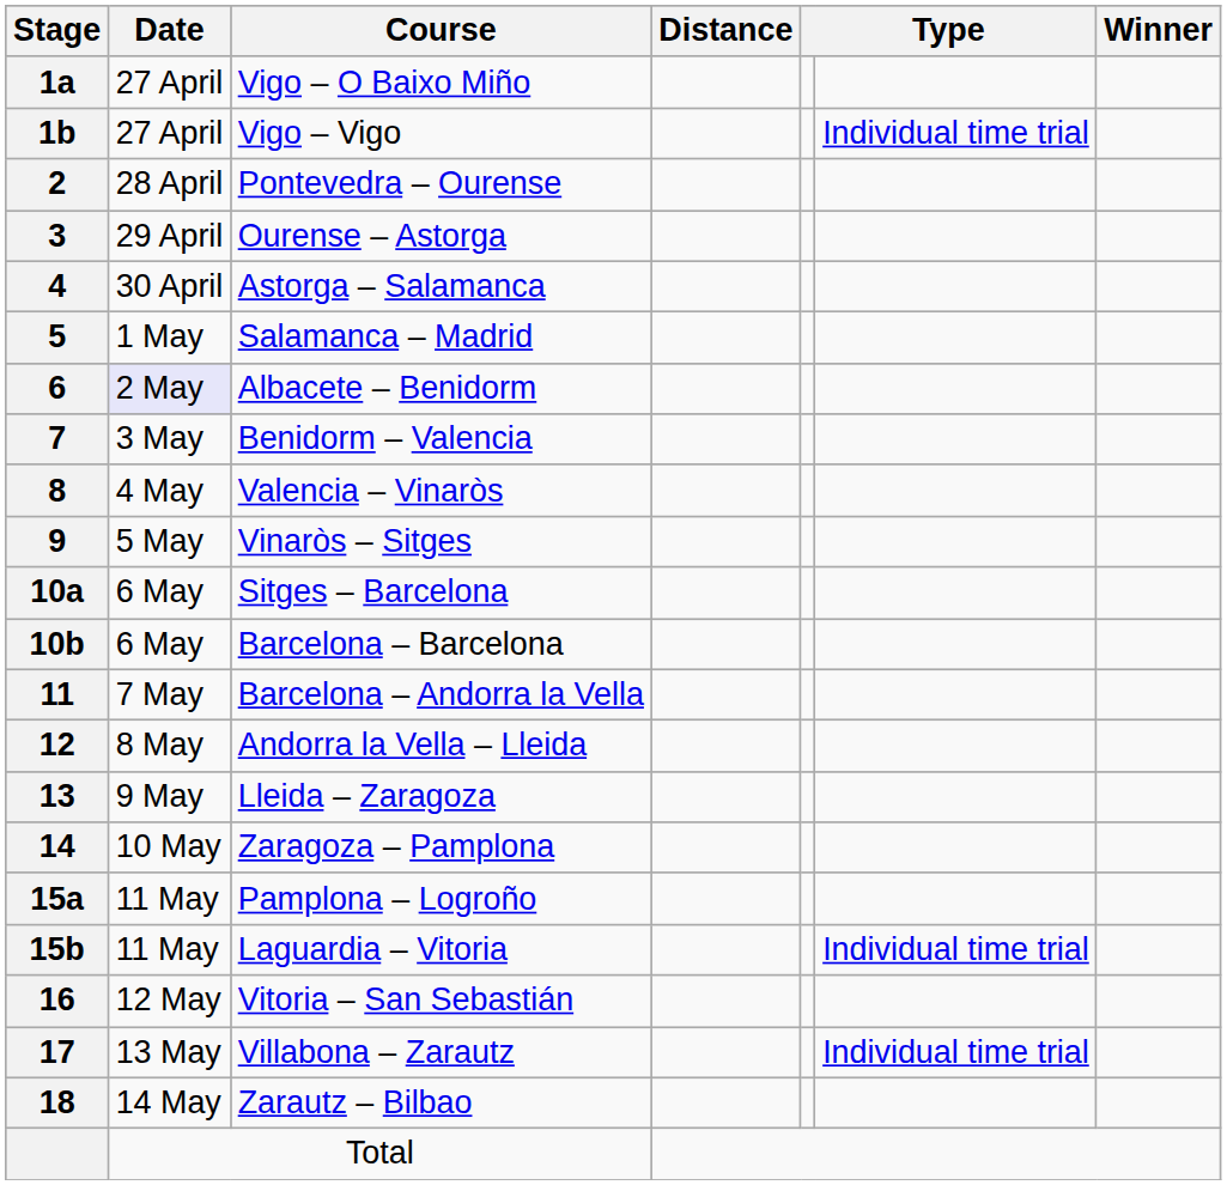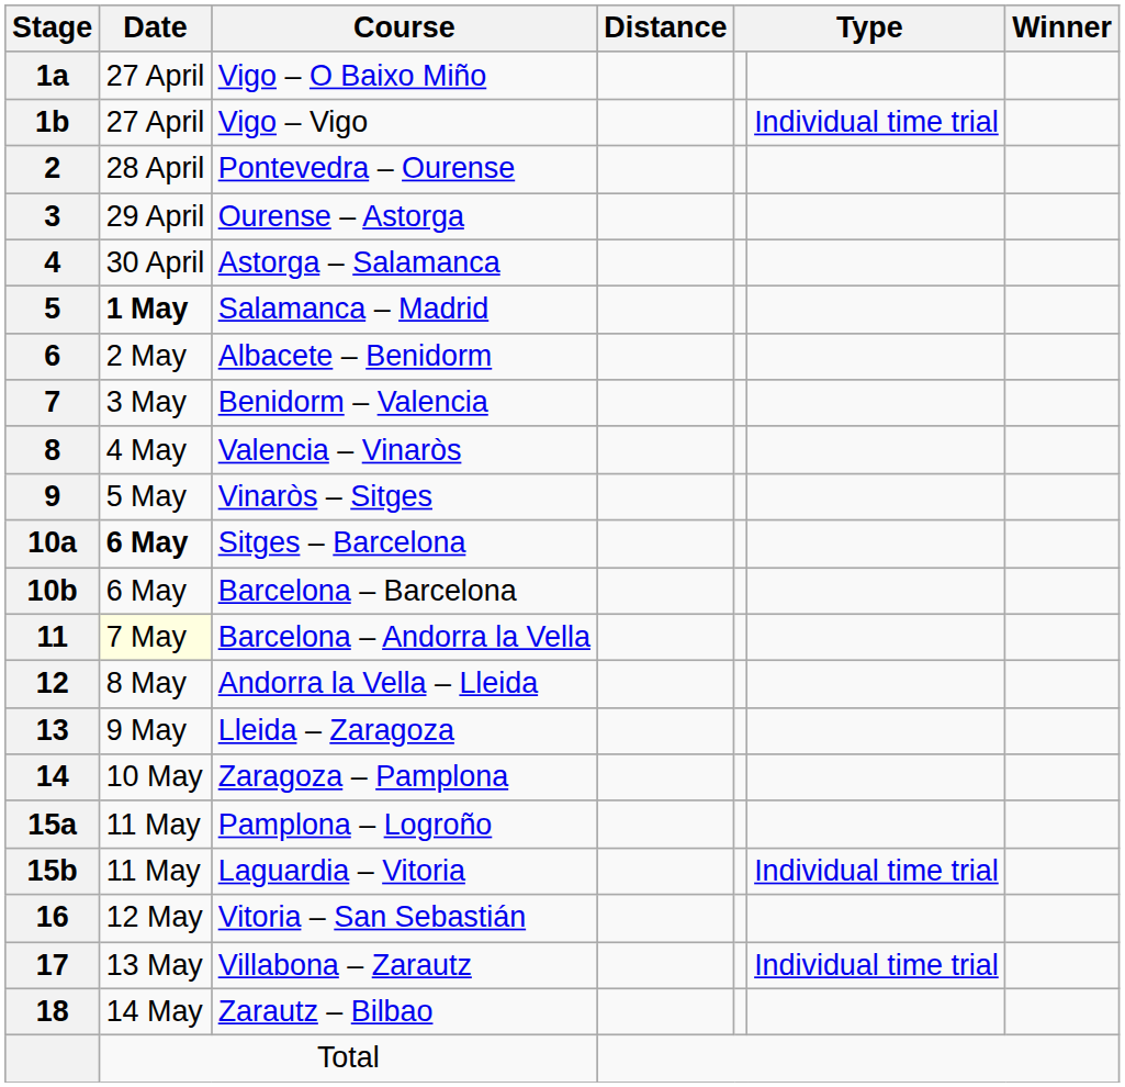 <table class="wikitable">
 <tr>
 <th scope="col">Stage</th>
 <th scope="col">Date</th>
 <th scope="col">Course</th>
 <th scope="col">Distance</th>
 <th scope="col" colspan="2">Type</th>
 <th scope="col">Winner</th>
 </tr>
 <tr>
 <th scope="row">1a</th>
 <td>27 April</td>
 <td><a href='#'>Vigo</a> – <a href='#'>O Baixo Miño</a></td>
 <td style="text-align:center;"></td>
 <td></td>
 <td></td>
 <td></td>
 </tr>
 <tr>
 <th scope="row">1b</th>
 <td>27 April</td>
 <td><a href='#'>Vigo</a> – Vigo</td>
 <td style="text-align:center;"></td>
 <td></td>
 <td><a href='#'>Individual time trial</a></td>
 <td></td>
 </tr>
 <tr>
 <th scope="row">2</th>
 <td>28 April</td>
 <td><a href='#'>Pontevedra</a> – <a href='#'>Ourense</a></td>
 <td style="text-align:center;"></td>
 <td></td>
 <td></td>
 <td></td>
 </tr>
 <tr>
 <th scope="row">3</th>
 <td>29 April</td>
 <td><a href='#'>Ourense</a> – <a href='#'>Astorga</a></td>
 <td style="text-align:center;"></td>
 <td></td>
 <td></td>
 <td></td>
 </tr>
 <tr>
 <th scope="row">4</th>
 <td>30 April</td>
 <td><a href='#'>Astorga</a> – <a href='#'>Salamanca</a></td>
 <td style="text-align:center;"></td>
 <td></td>
 <td></td>
 <td></td>
 </tr>
 <tr>
 <th scope="row">5</th>
-<td>1 May</td>
+<td><strong>1 May</strong></td>
 <td><a href='#'>Salamanca</a> – <a href='#'>Madrid</a></td>
 <td style="text-align:center;"></td>
 <td></td>
 <td></td>
 <td></td>
 </tr>
 <tr>
 <th scope="row">6</th>
-<td style="background: lavender;">2 May</td>
+<td>2 May</td>
 <td><a href='#'>Albacete</a> – <a href='#'>Benidorm</a></td>
 <td style="text-align:center;"></td>
 <td></td>
 <td></td>
 <td></td>
 </tr>
 <tr>
 <th scope="row">7</th>
 <td>3 May</td>
 <td><a href='#'>Benidorm</a> – <a href='#'>Valencia</a></td>
 <td style="text-align:center;"></td>
 <td></td>
 <td></td>
 <td></td>
 </tr>
 <tr>
 <th scope="row">8</th>
 <td>4 May</td>
 <td><a href='#'>Valencia</a> – <a href='#'>Vinaròs</a></td>
 <td style="text-align:center;"></td>
 <td></td>
 <td></td>
 <td></td>
 </tr>
 <tr>
 <th scope="row">9</th>
 <td>5 May</td>
 <td><a href='#'>Vinaròs</a> – <a href='#'>Sitges</a></td>
 <td style="text-align:center;"></td>
 <td></td>
 <td></td>
 <td></td>
 </tr>
 <tr>
 <th scope="row">10a</th>
-<td>6 May</td>
+<td><strong>6 May</strong></td>
 <td><a href='#'>Sitges</a> – <a href='#'>Barcelona</a></td>
 <td style="text-align:center;"></td>
 <td></td>
 <td></td>
 <td></td>
 </tr>
 <tr>
 <th scope="row">10b</th>
 <td>6 May</td>
 <td><a href='#'>Barcelona</a> – Barcelona</td>
 <td style="text-align:center;"></td>
 <td></td>
 <td></td>
 <td></td>
 </tr>
 <tr>
 <th scope="row">11</th>
-<td>7 May</td>
+<td style="background: lightyellow;">7 May</td>
 <td><a href='#'>Barcelona</a> – <a href='#'>Andorra la Vella</a></td>
 <td style="text-align:center;"></td>
 <td></td>
 <td></td>
 <td></td>
 </tr>
 <tr>
 <th scope="row">12</th>
 <td>8 May</td>
 <td><a href='#'>Andorra la Vella</a> – <a href='#'>Lleida</a></td>
 <td style="text-align:center;"></td>
 <td></td>
 <td></td>
 <td></td>
 </tr>
 <tr>
 <th scope="row">13</th>
 <td>9 May</td>
 <td><a href='#'>Lleida</a> – <a href='#'>Zaragoza</a></td>
 <td style="text-align:center;"></td>
 <td></td>
 <td></td>
 <td></td>
 </tr>
 <tr>
 <th scope="row">14</th>
 <td>10 May</td>
 <td><a href='#'>Zaragoza</a> – <a href='#'>Pamplona</a></td>
 <td style="text-align:center;"></td>
 <td></td>
 <td></td>
 <td></td>
 </tr>
 <tr>
 <th scope="row">15a</th>
 <td>11 May</td>
 <td><a href='#'>Pamplona</a> – <a href='#'>Logroño</a></td>
 <td style="text-align:center;"></td>
 <td></td>
 <td></td>
 <td></td>
 </tr>
 <tr>
 <th scope="row">15b</th>
 <td>11 May</td>
 <td><a href='#'>Laguardia</a> – <a href='#'>Vitoria</a></td>
 <td style="text-align:center;"></td>
 <td></td>
 <td><a href='#'>Individual time trial</a></td>
 <td></td>
 </tr>
 <tr>
 <th scope="row">16</th>
 <td>12 May</td>
 <td><a href='#'>Vitoria</a> – <a href='#'>San Sebastián</a></td>
 <td style="text-align:center;"></td>
 <td></td>
 <td></td>
 <td></td>
 </tr>
 <tr>
 <th scope="row">17</th>
 <td>13 May</td>
 <td><a href='#'>Villabona</a> – <a href='#'>Zarautz</a></td>
 <td style="text-align:center;"></td>
 <td></td>
 <td><a href='#'>Individual time trial</a></td>
 <td></td>
 </tr>
 <tr>
 <th scope="row">18</th>
 <td>14 May</td>
 <td><a href='#'>Zarautz</a> – <a href='#'>Bilbao</a></td>
 <td style="text-align:center;"></td>
 <td></td>
 <td></td>
 <td></td>
 </tr>
 <tr>
 <th scope="row"></th>
 <td colspan="2" style="text-align:center">Total</td>
 <td colspan="4" style="text-align:center"></td>
 </tr>
 </table>
